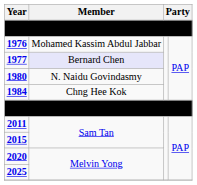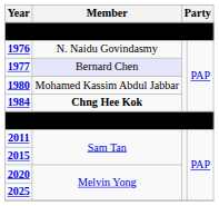 <table class="wikitable" align="center" style="text-align:center">
 <tr>
 <th>Year</th>
 <th>Member</th>
 <th colspan="2">Party</th>
 </tr>
 <tr>
 <td colspan=4 bgcolor=black><span><strong>Formation</strong></span></td>
 </tr>
 <tr>
 <td><strong><a href='#'>1976</a></strong></td>
-<td>Mohamed Kassim Abdul Jabbar</td>
+<td>N. Naidu Govindasmy</td>
 <td rowspan="4"></td>
 <td rowspan="4"><a href='#'>PAP</a></td>
 </tr>
 <tr>
 <td><strong> <a href='#'>1977</a></strong></td>
 <td style="background: lavender;">Bernard Chen</td>
 </tr>
 <tr>
 <td><strong><a href='#'>1980</a></strong></td>
-<td>N. Naidu Govindasmy</td>
+<td>Mohamed Kassim Abdul Jabbar</td>
 </tr>
 <tr>
 <td><strong><a href='#'>1984</a></strong></td>
-<td>Chng Hee Kok</td>
+<td><strong>Chng Hee Kok</strong></td>
 </tr>
 <tr>
 <td colspan=4 bgcolor=black><span><strong>Constituency abolished (1988 – 2011)</strong></span></td>
 </tr>
 <tr>
 <td><strong><a href='#'>2011</a></strong></td>
 <td rowspan="2"><a href='#'>Sam Tan</a></td>
 <td rowspan="4"></td>
 <td rowspan="4"><a href='#'>PAP</a></td>
 </tr>
 <tr>
 <td><strong><a href='#'>2015</a></strong></td>
 </tr>
 <tr>
 <td><strong><a href='#'>2020</a></strong></td>
 <td rowspan="2"><a href='#'>Melvin Yong</a></td>
 </tr>
 <tr>
 <td><strong><a href='#'>2025</a></strong></td>
 </tr>
 <tr>
 </tr>
 </table>
